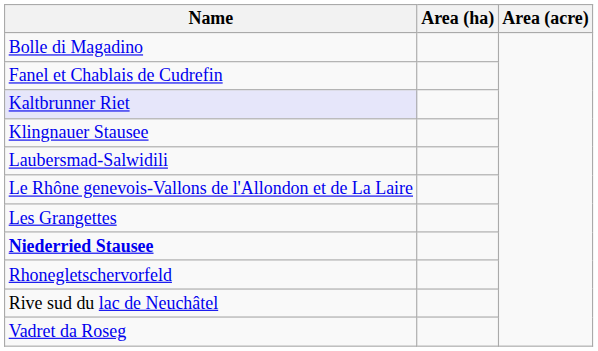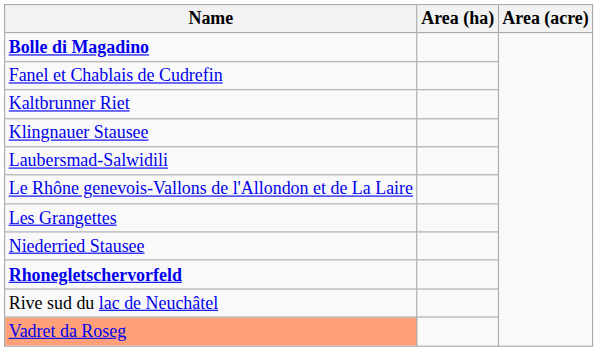 <table class="wikitable">
 <tr>
 <th scope="col" align=left>Name</th>
 <th scope="col">Area (ha)</th>
 <th scope="col">Area (acre)</th>
 </tr>
 <tr ---->
-<td><a href='#'>Bolle di Magadino</a></td>
+<td><strong><a href='#'>Bolle di Magadino</a></strong></td>
 <td></td>
 </tr>
 <tr ---->
 <td><a href='#'>Fanel et Chablais de Cudrefin</a></td>
 <td></td>
 </tr>
 <tr ---->
-<td style="background: lavender;"><a href='#'>Kaltbrunner Riet</a></td>
+<td><a href='#'>Kaltbrunner Riet</a></td>
 <td></td>
 </tr>
 <tr ---->
 <td><a href='#'>Klingnauer Stausee</a></td>
 <td></td>
 </tr>
 <tr ---->
 <td><a href='#'>Laubersmad-Salwidili</a></td>
 <td></td>
 </tr>
 <tr ---->
 <td><a href='#'>Le Rhône genevois-Vallons de l'Allondon et de La Laire</a></td>
 <td></td>
 </tr>
 <tr ---->
 <td><a href='#'>Les Grangettes</a></td>
 <td></td>
 </tr>
 <tr ---->
-<td><strong><a href='#'>Niederried Stausee</a></strong></td>
+<td><a href='#'>Niederried Stausee</a></td>
 <td></td>
 </tr>
 <tr ---->
-<td><a href='#'>Rhonegletschervorfeld</a></td>
+<td><strong><a href='#'>Rhonegletschervorfeld</a></strong></td>
 <td></td>
 </tr>
 <tr ---->
 <td>Rive sud du <a href='#'>lac de Neuchâtel</a></td>
 <td></td>
 </tr>
 <tr ---->
-<td><a href='#'>Vadret da Roseg</a></td>
+<td style="background: lightsalmon;"><a href='#'>Vadret da Roseg</a></td>
 <td></td>
 </tr>
 </table>
